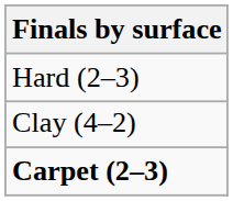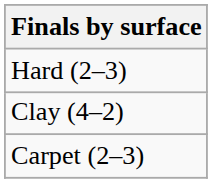 <table class=wikitable style=font-size:90%>
 <tr>
 <th>Finals by surface</th>
 </tr>
 <tr>
 <td>Hard (2–3)</td>
 </tr>
 <tr>
 <td>Clay (4–2)</td>
 </tr>
 <tr>
-<td><strong>Carpet (2–3)</strong></td>
+<td>Carpet (2–3)</td>
 </tr>
 </table>
